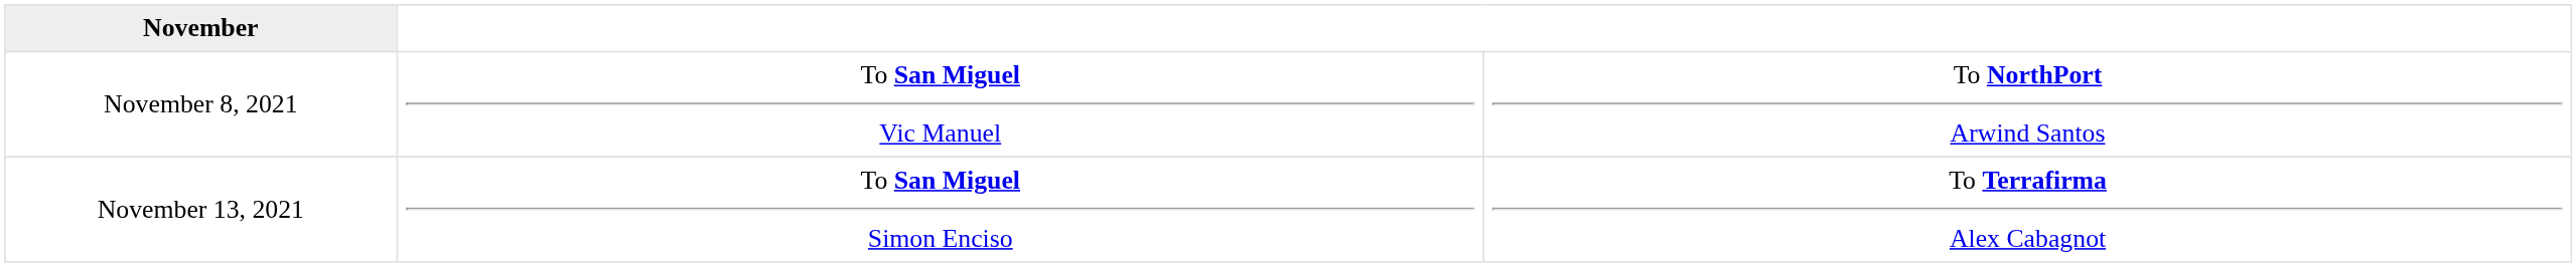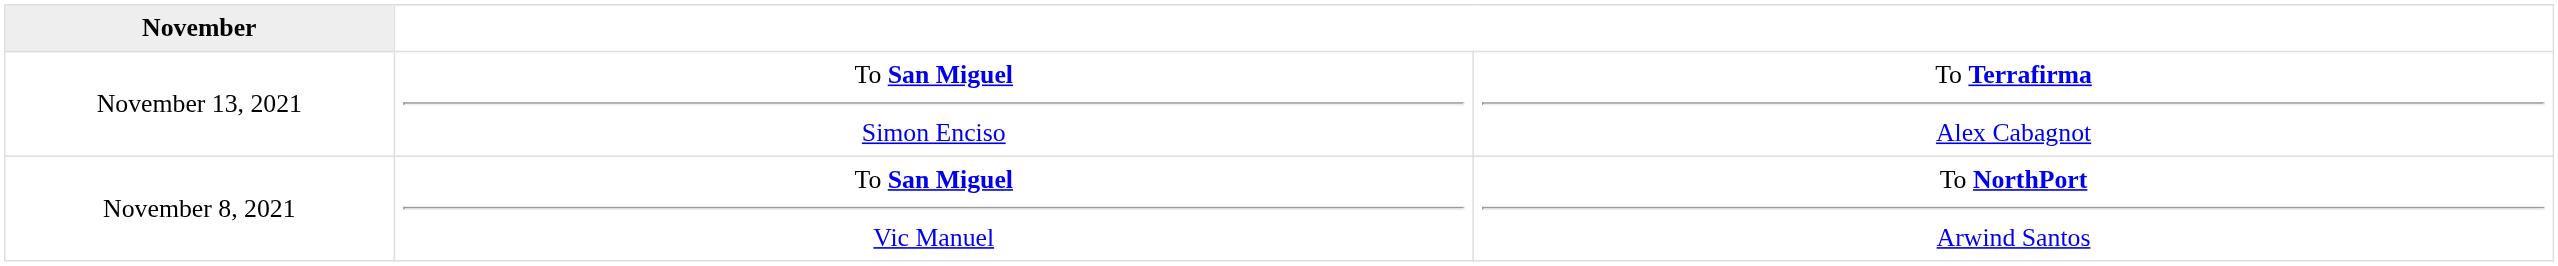 <table border=1 style="border-collapse:collapse; text-align: center; width: 100%" bordercolor="#DFDFDF"  cellpadding="5">
 <tr bgcolor="eeeeee">
 <th>November</th>
+</tr>
+<tr>
+<td style="width:12%">November 13, 2021</td>
+<td style="width:33.3%" valign="top">To <strong><a href='#'>San Miguel</a></strong><hr><a href='#'>Simon Enciso</a></td>
+<td style="width:33.3%" valign="top">To <strong><a href='#'>Terrafirma</a></strong><hr><a href='#'>Alex Cabagnot</a></td>
 </tr>
 <tr>
 <td style="width:12%">November 8, 2021</td>
 <td style="width:33.3%" valign="top">To <strong><a href='#'>San Miguel</a></strong><hr><a href='#'>Vic Manuel</a></td>
 <td style="width:33.3%" valign="top">To <strong><a href='#'>NorthPort</a></strong><hr><a href='#'>Arwind Santos</a></td>
 </tr>
-<tr>
-<td style="width:12%">November 13, 2021</td>
-<td style="width:33.3%" valign="top">To <strong><a href='#'>San Miguel</a></strong><hr><a href='#'>Simon Enciso</a></td>
-<td style="width:33.3%" valign="top">To <strong><a href='#'>Terrafirma</a></strong><hr><a href='#'>Alex Cabagnot</a></td>
-</tr>
 </table>
